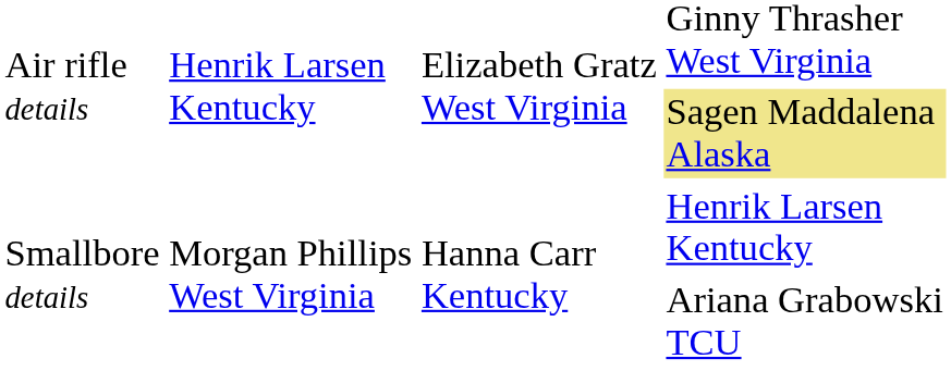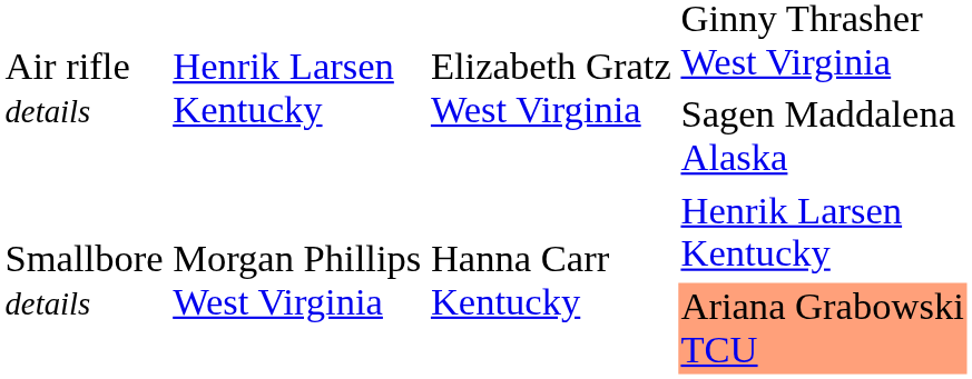 <table>
 <tr>
 <td rowspan=2>Air rifle<br><small><em>details</em></small></td>
 <td rowspan=2><a href='#'>Henrik Larsen</a><br> <a href='#'>Kentucky</a></td>
 <td rowspan=2>Elizabeth Gratz<br> <a href='#'>West Virginia</a></td>
 <td>Ginny Thrasher<br> <a href='#'>West Virginia</a></td>
 </tr>
 <tr>
-<td style="background: khaki;">Sagen Maddalena<br> <a href='#'>Alaska</a></td>
+<td>Sagen Maddalena<br> <a href='#'>Alaska</a></td>
 </tr>
 <tr>
 <td rowspan=2>Smallbore<br><small><em>details</em></small></td>
 <td rowspan=2>Morgan Phillips<br> <a href='#'>West Virginia</a></td>
 <td rowspan=2>Hanna Carr<br> <a href='#'>Kentucky</a></td>
 <td><a href='#'>Henrik Larsen</a><br> <a href='#'>Kentucky</a></td>
 </tr>
 <tr>
-<td>Ariana Grabowski<br> <a href='#'>TCU</a></td>
+<td style="background: lightsalmon;">Ariana Grabowski<br> <a href='#'>TCU</a></td>
 </tr>
 </table>
